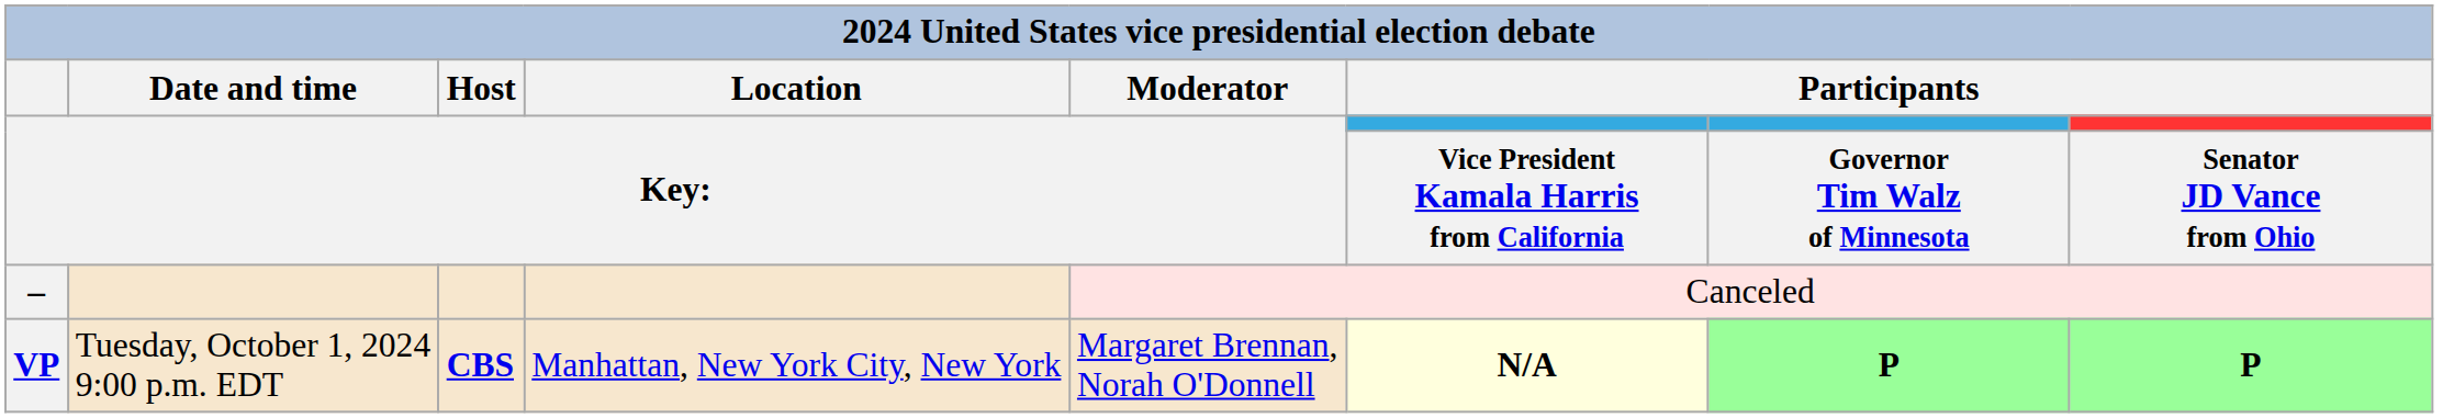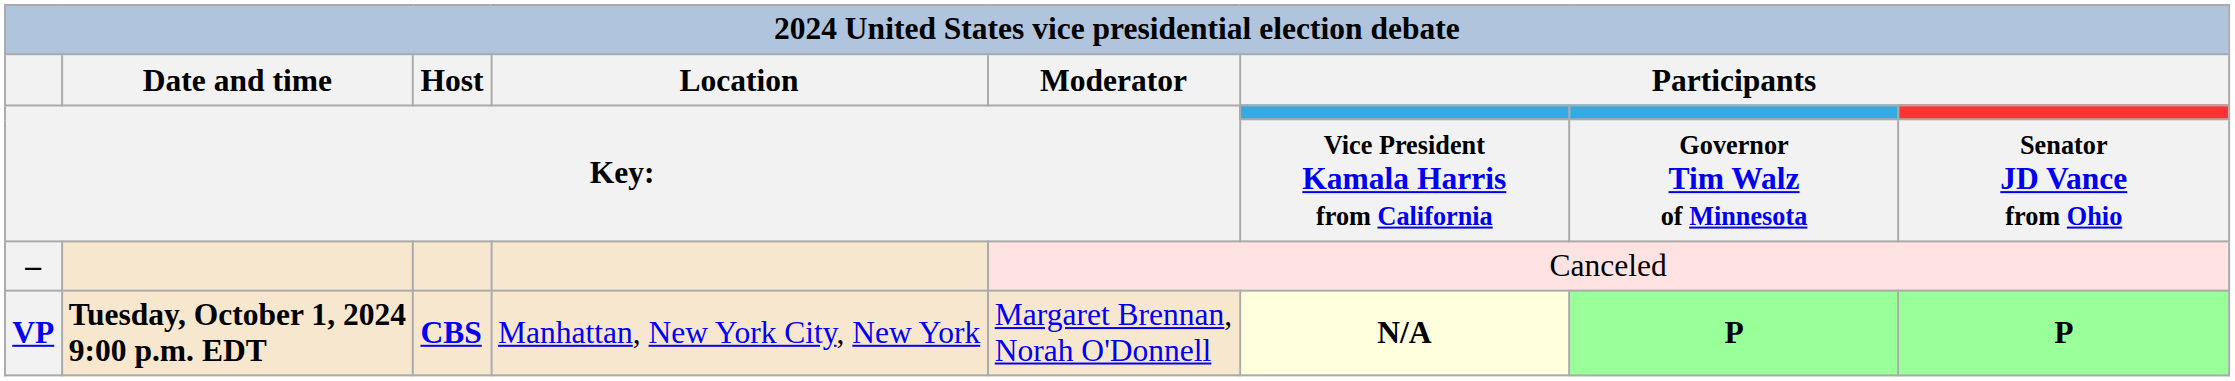 <table class="wikitable">
 <tr bgcolor="#F7E7CE">
 <th colspan="15" style="background:#B0C4DE">2024 United States vice presidential election debate</th>
 </tr>
 <tr>
 <th style="white-space:nowrap;"> </th>
 <th>Date and time</th>
 <th>Host</th>
 <th>Location</th>
 <th>Moderator</th>
 <th colspan="9" scope="col">Participants</th>
 </tr>
 <tr>
 <th colspan="5" rowspan="2">Key:<br><small>  </small></th>
 <th scope="col" style="width:10em; background: #34AAE0;"><small><a href='#'></a></small></th>
 <th scope="col" style="width:10em; background: #34AAE0;"><small><a href='#'></a></small></th>
 <th scope="col" style="width:10em; background: #FF3333;"><small><a href='#'></a></small></th>
 </tr>
 <tr>
 <th><small>Vice President</small><br><a href='#'>Kamala Harris</a><br><small>from <a href='#'>California</a></small></th>
 <th><small>Governor</small><br><a href='#'>Tim Walz</a><br><small>of <a href='#'>Minnesota</a></small></th>
 <th><small>Senator</small><br><a href='#'>JD Vance</a><br><small>from <a href='#'>Ohio</a></small></th>
 </tr>
 <tr>
 <th>–</th>
 <td style="background:#F7E7CE; color:black; text-align:left;"></td>
 <td style="background:#F7E7CE; color:black; text-align:left;"></td>
 <td style="background:#F7E7CE; color:black; text-align:left;"></td>
 <td style="background:#ffe3e3; color:black; text-align:center;" colspan=4>Canceled</td>
 </tr>
 <tr>
 <th><a href='#'>VP</a></th>
-<td style="background:#F7E7CE; color:black; text-align:left;">Tuesday, October 1, 2024<br>9:00 p.m. EDT</td>
+<td style="background:#F7E7CE; color:black; text-align:left;"><strong>Tuesday, October 1, 2024<br>9:00 p.m. EDT</strong></td>
 <td style="background:#F7E7CE; color:black; text-align:left;"><strong><a href='#'>CBS</a></strong></td>
 <td style="background:#F7E7CE; color:black; text-align:left;"><a href='#'>Manhattan</a>, <a href='#'>New York City</a>, <a href='#'>New York</a></td>
 <td style="background:#F7E7CE; color:black; text-align:left;"><a href='#'>Margaret Brennan</a>,<br><a href='#'>Norah O'Donnell</a></td>
 <td style="background:#ffffdd; color:black; text-align:center;"><strong>N/A</strong></td>
 <td style="background:#99ff99; color:black; text-align:center;"><strong>P</strong></td>
 <td style="background:#99ff99; color:black; text-align:center;"><strong>P</strong></td>
 </tr>
 </table>
